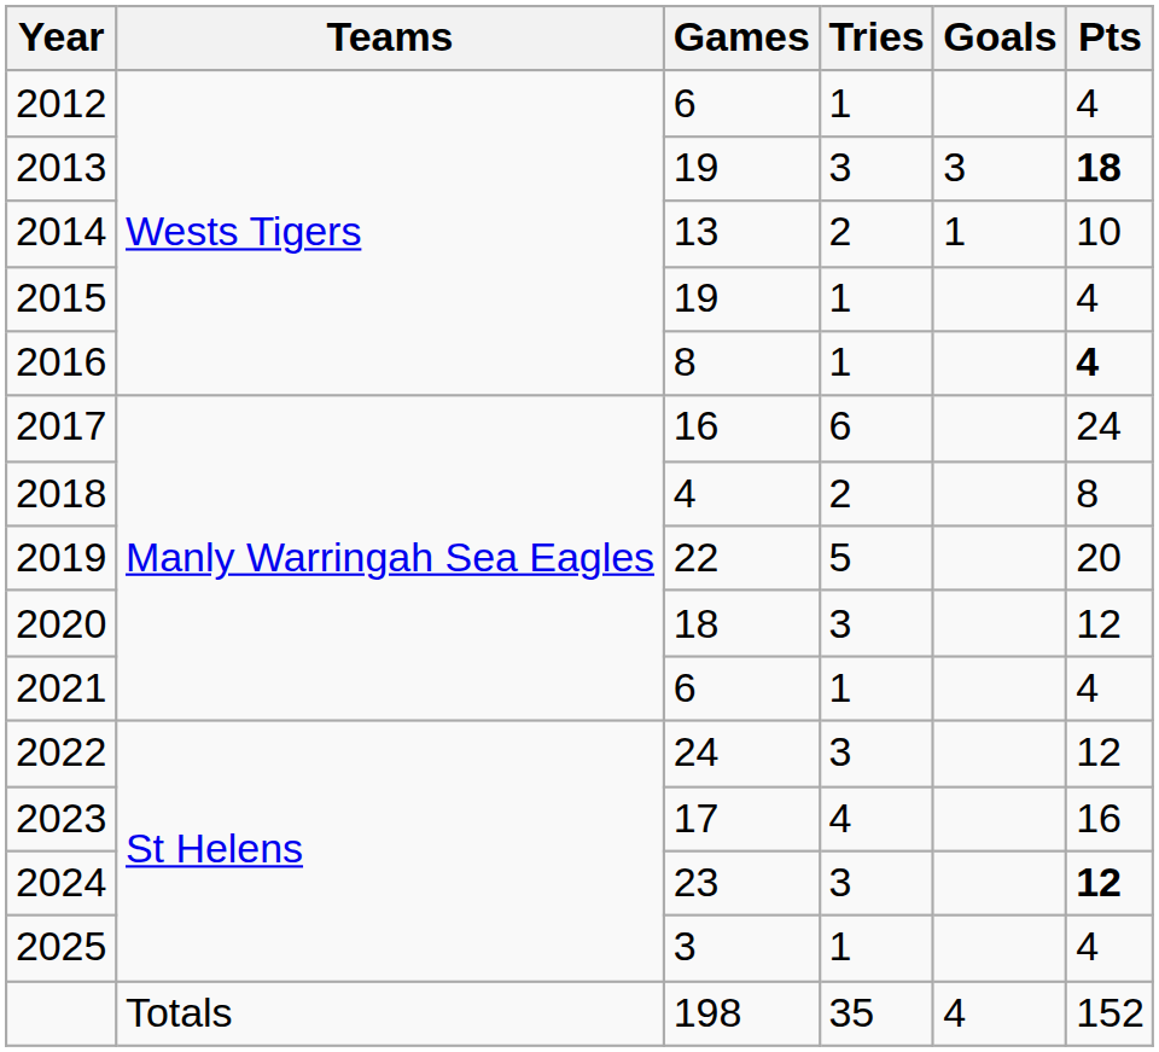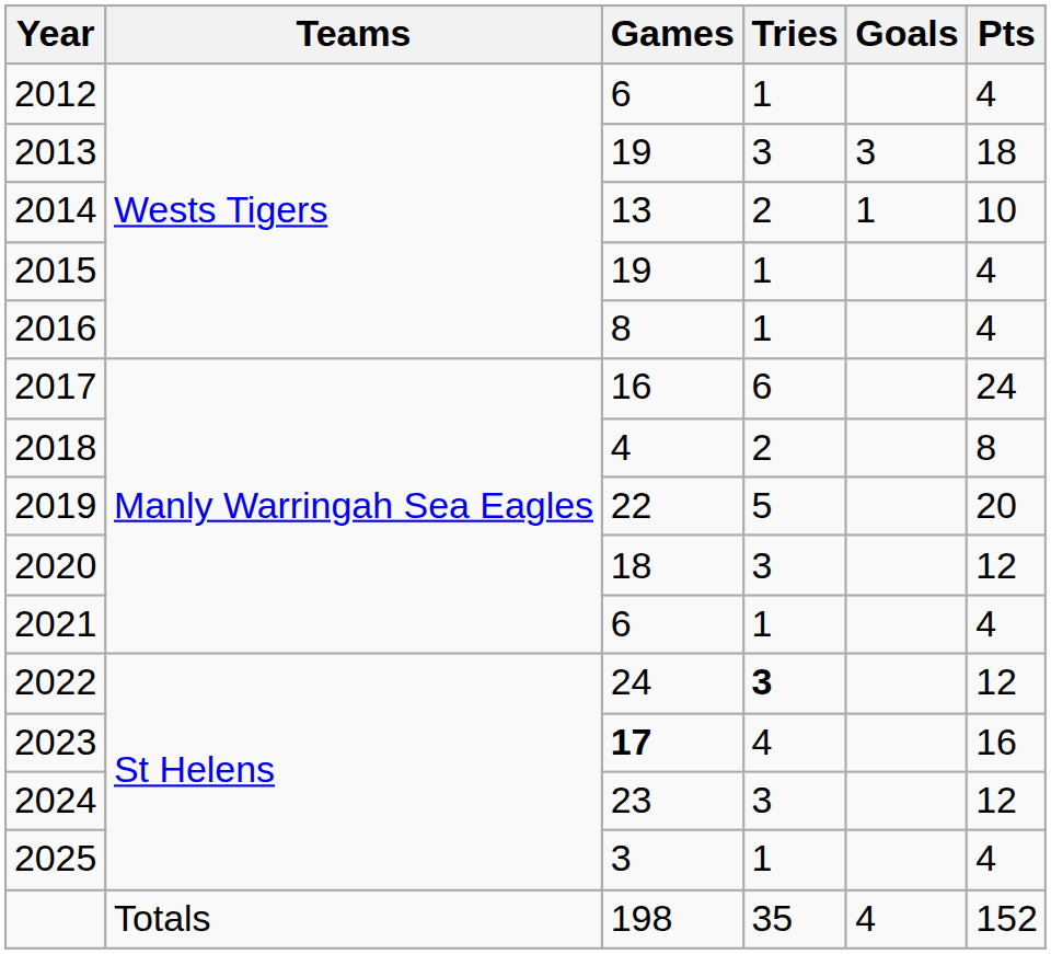 <table class="wikitable">
 <tr>
 <th>Year</th>
 <th>Teams</th>
 <th>Games</th>
 <th>Tries</th>
 <th>Goals</th>
 <th>Pts</th>
 </tr>
 <tr>
 <td>2012</td>
 <td rowspan="5"> <a href='#'>Wests Tigers</a></td>
 <td>6</td>
 <td>1</td>
 <td></td>
 <td>4</td>
 </tr>
 <tr>
 <td>2013</td>
 <td>19</td>
 <td>3</td>
 <td>3</td>
-<td><strong>18</strong></td>
+<td>18</td>
 </tr>
 <tr>
 <td>2014</td>
 <td>13</td>
 <td>2</td>
 <td>1</td>
 <td>10</td>
 </tr>
 <tr>
 <td>2015</td>
 <td>19</td>
 <td>1</td>
 <td></td>
 <td>4</td>
 </tr>
 <tr>
 <td>2016</td>
 <td>8</td>
 <td>1</td>
 <td></td>
-<td><strong>4</strong></td>
+<td>4</td>
 </tr>
 <tr>
 <td>2017</td>
 <td rowspan="5"> <a href='#'>Manly Warringah Sea Eagles</a></td>
 <td>16</td>
 <td>6</td>
 <td></td>
 <td>24</td>
 </tr>
 <tr>
 <td>2018</td>
 <td>4</td>
 <td>2</td>
 <td></td>
 <td>8</td>
 </tr>
 <tr>
 <td>2019</td>
 <td>22</td>
 <td>5</td>
 <td></td>
 <td>20</td>
 </tr>
 <tr>
 <td>2020</td>
 <td>18</td>
 <td>3</td>
 <td></td>
 <td>12</td>
 </tr>
 <tr>
 <td>2021</td>
 <td>6</td>
 <td>1</td>
 <td></td>
 <td>4</td>
 </tr>
 <tr>
 <td>2022</td>
 <td rowspan="4"> <a href='#'>St Helens</a></td>
 <td>24</td>
-<td>3</td>
+<td><strong>3</strong></td>
 <td></td>
 <td>12</td>
 </tr>
 <tr>
 <td>2023</td>
-<td>17</td>
+<td><strong>17</strong></td>
 <td>4</td>
 <td></td>
 <td>16</td>
 </tr>
 <tr>
 <td>2024</td>
 <td>23</td>
 <td>3</td>
 <td></td>
-<td><strong>12</strong></td>
+<td>12</td>
 </tr>
 <tr>
 <td>2025</td>
 <td>3</td>
 <td>1</td>
 <td></td>
 <td>4</td>
 </tr>
 <tr>
 <td></td>
 <td>Totals</td>
 <td>198</td>
 <td>35</td>
 <td>4</td>
 <td>152</td>
 </tr>
 </table>
